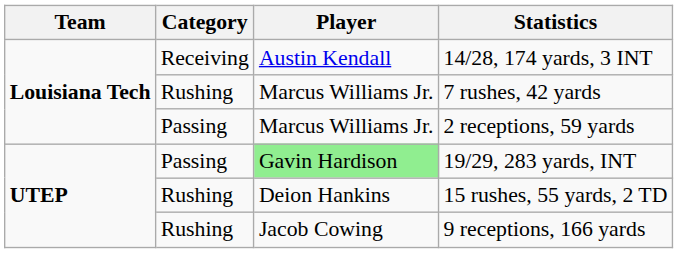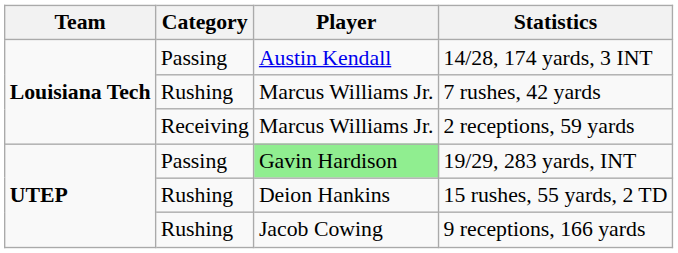 <table class="wikitable" style="float: left;">
 <tr>
 <th>Team</th>
 <th>Category</th>
 <th>Player</th>
 <th>Statistics</th>
 </tr>
 <tr>
 <td rowspan=3><strong>Louisiana Tech</strong></td>
-<td>Receiving</td>
+<td>Passing</td>
 <td><a href='#'>Austin Kendall</a></td>
 <td>14/28, 174 yards, 3 INT</td>
 </tr>
 <tr>
 <td>Rushing</td>
 <td>Marcus Williams Jr.</td>
 <td>7 rushes, 42 yards</td>
 </tr>
 <tr>
-<td>Passing</td>
+<td>Receiving</td>
 <td>Marcus Williams Jr.</td>
 <td>2 receptions, 59 yards</td>
 </tr>
 <tr>
 <td rowspan=3><strong>UTEP</strong></td>
 <td>Passing</td>
 <td style="background: lightgreen;">Gavin Hardison</td>
 <td>19/29, 283 yards, INT</td>
 </tr>
 <tr>
 <td>Rushing</td>
 <td>Deion Hankins</td>
 <td>15 rushes, 55 yards, 2 TD</td>
 </tr>
 <tr>
 <td>Rushing</td>
 <td>Jacob Cowing</td>
 <td>9 receptions, 166 yards</td>
 </tr>
 </table>
